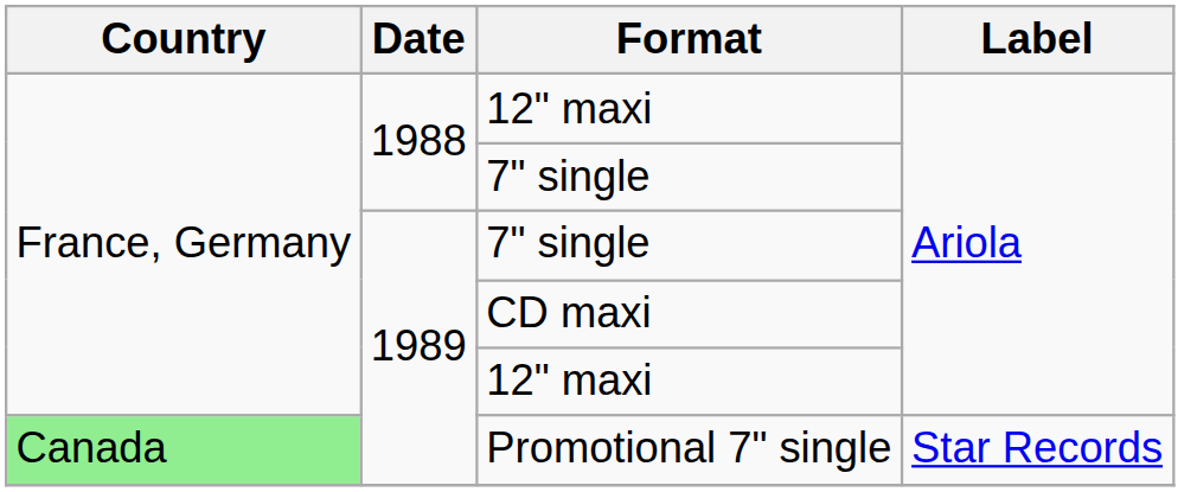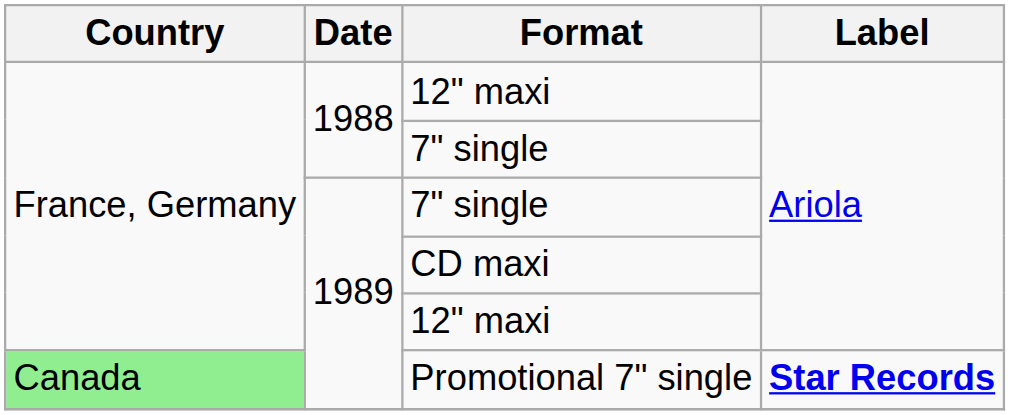 <table class=wikitable>
 <tr>
 <th>Country</th>
 <th>Date</th>
 <th>Format</th>
 <th>Label</th>
 </tr>
 <tr>
 <td rowspan="5">France, Germany</td>
 <td rowspan="2">1988</td>
 <td>12" maxi</td>
 <td rowspan="5"><a href='#'>Ariola</a></td>
 </tr>
 <tr>
 <td>7" single</td>
 </tr>
 <tr>
 <td rowspan="4">1989</td>
 <td>7" single </td>
 </tr>
 <tr>
 <td>CD maxi</td>
 </tr>
 <tr>
 <td>12" maxi</td>
 </tr>
 <tr>
 <td style="background: lightgreen;">Canada</td>
 <td>Promotional 7" single</td>
-<td><a href='#'>Star Records</a></td>
+<td><strong><a href='#'>Star Records</a></strong></td>
 </tr>
 <tr>
 </tr>
 </table>
